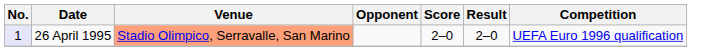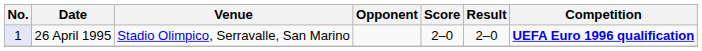 <table class="wikitable">
 <tr>
 <th>No.</th>
 <th>Date</th>
 <th>Venue</th>
 <th>Opponent</th>
 <th>Score</th>
 <th>Result</th>
 <th>Competition</th>
 </tr>
 <tr>
 <td align=center style="background: lavender;">1</td>
 <td>26 April 1995</td>
-<td style="background: lightsalmon;"><a href='#'>Stadio Olimpico</a>, Serravalle, San Marino</td>
+<td><a href='#'>Stadio Olimpico</a>, Serravalle, San Marino</td>
 <td></td>
 <td align=center>2–0</td>
 <td align=center>2–0</td>
-<td><a href='#'>UEFA Euro 1996 qualification</a></td>
+<td><strong><a href='#'>UEFA Euro 1996 qualification</a></strong></td>
 </tr>
 <tr>
 </tr>
 </table>
